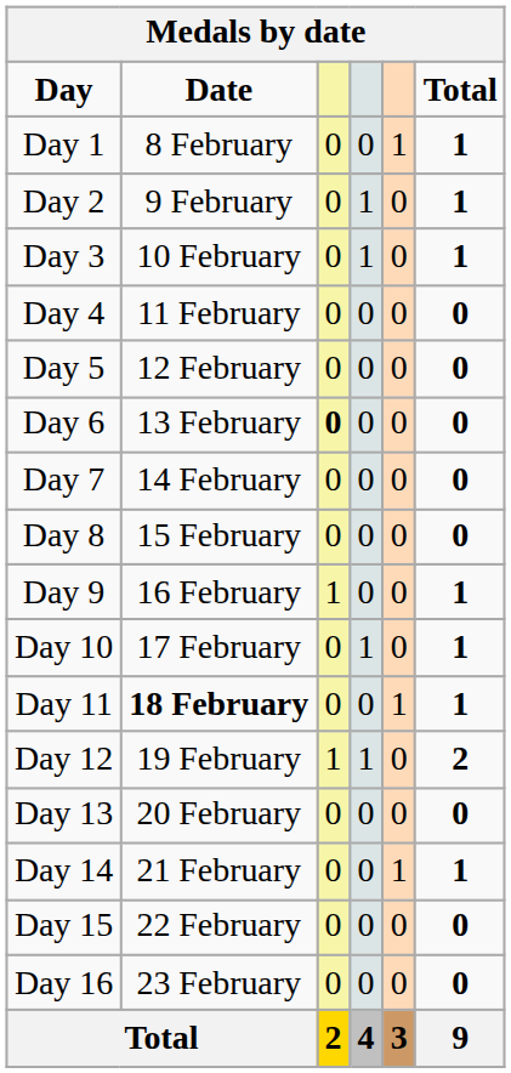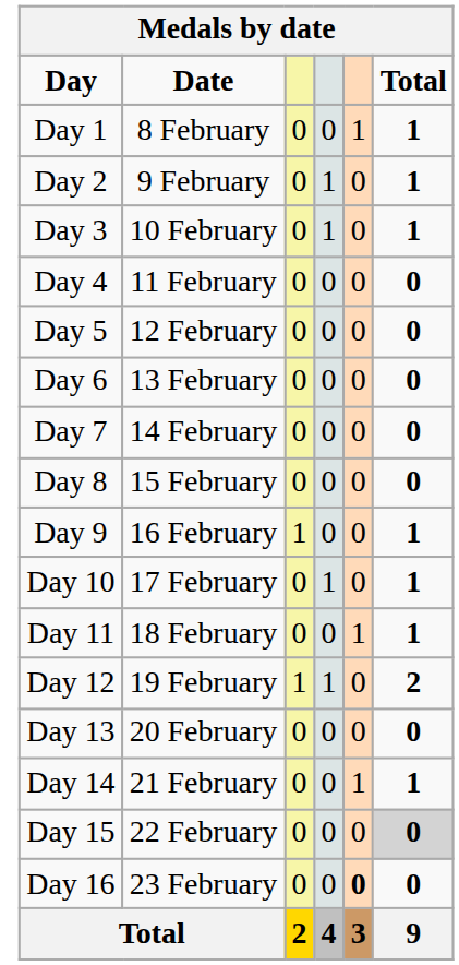 <table class=wikitable style="font-size:85%;float:right;clear:right;">
 <tr bgcolor=efefef>
 <th colspan=6>Medals by date</th>
 </tr>
 <tr align=center>
 <td><strong>Day</strong></td>
 <td><strong>Date</strong></td>
 <td bgcolor=#f7f6a8></td>
 <td bgcolor=#dce5e5></td>
 <td bgcolor=#ffdab9></td>
 <td><strong>Total</strong></td>
 </tr>
 <tr align=center>
 <td>Day 1</td>
 <td>8 February</td>
 <td bgcolor=F7F6A8>0</td>
 <td bgcolor=DCE5E5>0</td>
 <td bgcolor=FFDAB9>1</td>
 <td><strong>1</strong></td>
 </tr>
 <tr align=center>
 <td>Day 2</td>
 <td>9 February</td>
 <td bgcolor=F7F6A8>0</td>
 <td bgcolor=DCE5E5>1</td>
 <td bgcolor=FFDAB9>0</td>
 <td><strong>1</strong></td>
 </tr>
 <tr align=center>
 <td>Day 3</td>
 <td>10 February</td>
 <td bgcolor=F7F6A8>0</td>
 <td bgcolor=DCE5E5>1</td>
 <td bgcolor=FFDAB9>0</td>
 <td><strong>1</strong></td>
 </tr>
 <tr align=center>
 <td>Day 4</td>
 <td>11 February</td>
 <td bgcolor=F7F6A8>0</td>
 <td bgcolor=DCE5E5>0</td>
 <td bgcolor=FFDAB9>0</td>
 <td><strong>0</strong></td>
 </tr>
 <tr align=center>
 <td>Day 5</td>
 <td>12 February</td>
 <td bgcolor=F7F6A8>0</td>
 <td bgcolor=DCE5E5>0</td>
 <td bgcolor=FFDAB9>0</td>
 <td><strong>0</strong></td>
 </tr>
 <tr align=center>
 <td>Day 6</td>
 <td>13 February</td>
-<td bgcolor=F7F6A8><strong>0</strong></td>
+<td bgcolor=F7F6A8>0</td>
 <td bgcolor=DCE5E5>0</td>
 <td bgcolor=FFDAB9>0</td>
 <td><strong>0</strong></td>
 </tr>
 <tr align=center>
 <td>Day 7</td>
 <td>14 February</td>
 <td bgcolor=F7F6A8>0</td>
 <td bgcolor=DCE5E5>0</td>
 <td bgcolor=FFDAB9>0</td>
 <td><strong>0</strong></td>
 </tr>
 <tr align=center>
 <td>Day 8</td>
 <td>15 February</td>
 <td bgcolor=F7F6A8>0</td>
 <td bgcolor=DCE5E5>0</td>
 <td bgcolor=FFDAB9>0</td>
 <td><strong>0</strong></td>
 </tr>
 <tr align=center>
 <td>Day 9</td>
 <td>16 February</td>
 <td bgcolor=F7F6A8>1</td>
 <td bgcolor=DCE5E5>0</td>
 <td bgcolor=FFDAB9>0</td>
 <td><strong>1</strong></td>
 </tr>
 <tr align=center>
 <td>Day 10</td>
 <td>17 February</td>
 <td bgcolor=F7F6A8>0</td>
 <td bgcolor=DCE5E5>1</td>
 <td bgcolor=FFDAB9>0</td>
 <td><strong>1</strong></td>
 </tr>
 <tr align=center>
 <td>Day 11</td>
-<td><strong>18 February</strong></td>
+<td>18 February</td>
 <td bgcolor=F7F6A8>0</td>
 <td bgcolor=DCE5E5>0</td>
 <td bgcolor=FFDAB9>1</td>
 <td><strong>1</strong></td>
 </tr>
 <tr align=center>
 <td>Day 12</td>
 <td>19 February</td>
 <td bgcolor=F7F6A8>1</td>
 <td bgcolor=DCE5E5>1</td>
 <td bgcolor=FFDAB9>0</td>
 <td><strong>2</strong></td>
 </tr>
 <tr align=center>
 <td>Day 13</td>
 <td>20 February</td>
 <td bgcolor=F7F6A8>0</td>
 <td bgcolor=DCE5E5>0</td>
 <td bgcolor=FFDAB9>0</td>
 <td><strong>0</strong></td>
 </tr>
 <tr align=center>
 <td>Day 14</td>
 <td>21 February</td>
 <td bgcolor=F7F6A8>0</td>
 <td bgcolor=DCE5E5>0</td>
 <td bgcolor=FFDAB9>1</td>
 <td><strong>1</strong></td>
 </tr>
 <tr align=center>
 <td>Day 15</td>
 <td>22 February</td>
 <td bgcolor=F7F6A8>0</td>
 <td bgcolor=DCE5E5>0</td>
 <td bgcolor=FFDAB9>0</td>
-<td><strong>0</strong></td>
+<td style="background: lightgrey;"><strong>0</strong></td>
 </tr>
 <tr align=center>
 <td>Day 16</td>
 <td>23 February</td>
 <td bgcolor=F7F6A8>0</td>
 <td bgcolor=DCE5E5>0</td>
-<td bgcolor=FFDAB9>0</td>
+<td bgcolor=FFDAB9><strong>0</strong></td>
 <td><strong>0</strong></td>
 </tr>
 <tr>
 <th colspan=2>Total</th>
 <th style="background:gold">2</th>
 <th style="background:silver">4</th>
 <th style="background:#c96">3</th>
 <th>9</th>
 </tr>
 </table>
